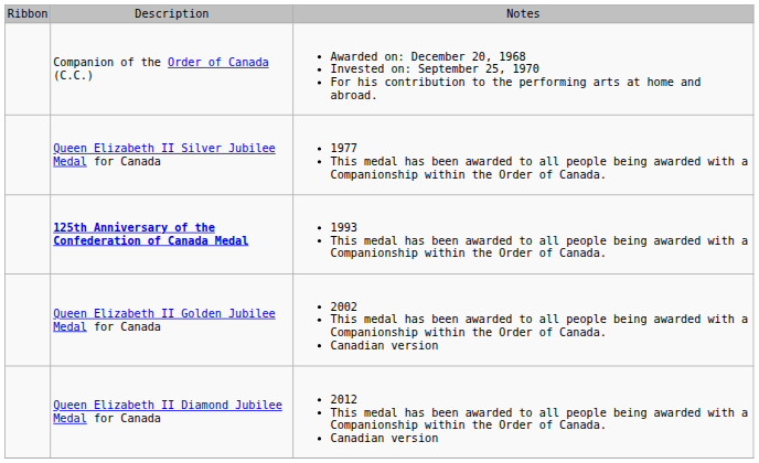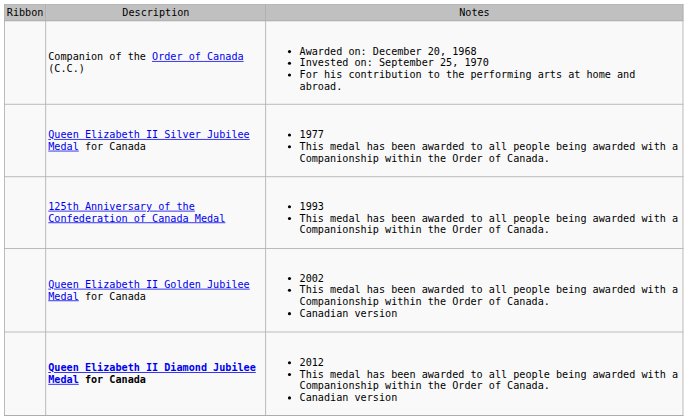 <table class="wikitable">
 <tr style="background:silver; text-align:center;">
 <td>Ribbon</td>
 <td>Description</td>
 <td>Notes</td>
 </tr>
 <tr>
 <td></td>
 <td>Companion of the <a href='#'>Order of Canada</a> (C.C.)</td>
 <td><br><ul><li>Awarded on: December 20, 1968</li><li>Invested on: September 25, 1970</li><li>For his contribution to the performing arts at home and abroad.</li></ul></td>
 </tr>
 <tr>
 <td></td>
 <td><a href='#'>Queen Elizabeth II Silver Jubilee Medal</a> for Canada</td>
 <td><br><ul><li>1977</li><li>This medal has been awarded to all people being awarded with a Companionship within the Order of Canada.</li></ul></td>
 </tr>
 <tr>
 <td></td>
-<td><strong><a href='#'>125th Anniversary of the Confederation of Canada Medal</a></strong></td>
+<td><a href='#'>125th Anniversary of the Confederation of Canada Medal</a></td>
 <td><br><ul><li>1993</li><li>This medal has been awarded to all people being awarded with a Companionship within the Order of Canada.</li></ul></td>
 </tr>
 <tr>
 <td></td>
 <td><a href='#'>Queen Elizabeth II Golden Jubilee Medal</a> for Canada</td>
 <td><br><ul><li>2002</li><li>This medal has been awarded to all people being awarded with a Companionship within the Order of Canada.</li><li>Canadian version</li></ul></td>
 </tr>
 <tr>
 <td></td>
-<td><a href='#'>Queen Elizabeth II Diamond Jubilee Medal</a> for Canada</td>
+<td><strong><a href='#'>Queen Elizabeth II Diamond Jubilee Medal</a> for Canada</strong></td>
 <td><br><ul><li>2012</li><li>This medal has been awarded to all people being awarded with a Companionship within the Order of Canada.</li><li>Canadian version</li></ul></td>
 </tr>
 <tr>
 </tr>
 </table>
